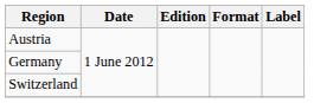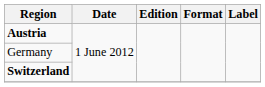 <table class="wikitable">
 <tr>
 <th scope="col">Region</th>
 <th scope="col">Date</th>
 <th scope="col">Edition</th>
 <th scope="col">Format</th>
 <th scope="col">Label</th>
 </tr>
 <tr>
-<td>Austria</td>
+<td><strong>Austria</strong></td>
 <td rowspan="3">1 June 2012</td>
 <td rowspan="3"></td>
 <td rowspan="3"></td>
 <td rowspan="3"></td>
 </tr>
 <tr>
 <td>Germany</td>
 </tr>
 <tr>
-<td>Switzerland</td>
+<td><strong>Switzerland</strong></td>
 </tr>
 <tr>
 </tr>
 </table>
